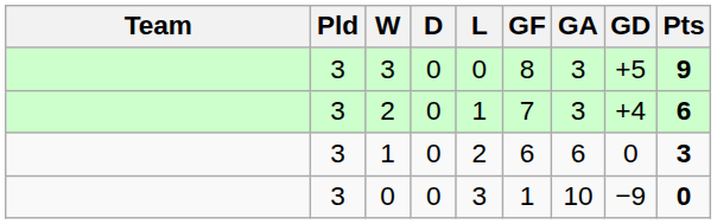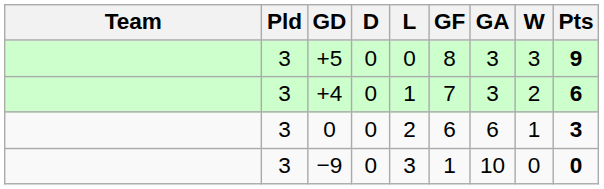 <table class="wikitable" style="text-align: center;">
 <tr>
 <th width=175>Team</th>
 <th width=20>Pld</th>
-<th width=20>W</th>
+<th width=20>GD</th>
 <th width=20>D</th>
 <th width=20>L</th>
 <th width=20>GF</th>
 <th width=20>GA</th>
-<th width=20>GD</th>
+<th width=20>W</th>
 <th width=20>Pts</th>
 </tr>
 <tr style="background:#cfc;">
 <td style="text-align:left;"></td>
 <td>3</td>
-<td>3</td>
+<td>+5</td>
 <td>0</td>
 <td>0</td>
 <td>8</td>
 <td>3</td>
-<td>+5</td>
+<td>3</td>
 <td><strong>9</strong></td>
 </tr>
 <tr style="background:#cfc;">
 <td style="text-align:left;"></td>
 <td>3</td>
-<td>2</td>
+<td>+4</td>
 <td>0</td>
 <td>1</td>
 <td>7</td>
 <td>3</td>
-<td>+4</td>
+<td>2</td>
 <td><strong>6</strong></td>
-</tr>
-<tr>
-<td style="text-align:left;"></td>
-<td>3</td>
-<td>1</td>
-<td>0</td>
-<td>2</td>
-<td>6</td>
-<td>6</td>
-<td>0</td>
-<td><strong>3</strong></td>
 </tr>
 <tr>
 <td style="text-align:left;"></td>
 <td>3</td>
 <td>0</td>
 <td>0</td>
+<td>2</td>
+<td>6</td>
+<td>6</td>
+<td>1</td>
+<td><strong>3</strong></td>
+</tr>
+<tr>
+<td style="text-align:left;"></td>
+<td>3</td>
+<td>−9</td>
+<td>0</td>
 <td>3</td>
 <td>1</td>
 <td>10</td>
-<td>−9</td>
+<td>0</td>
 <td><strong>0</strong></td>
 </tr>
 </table>
